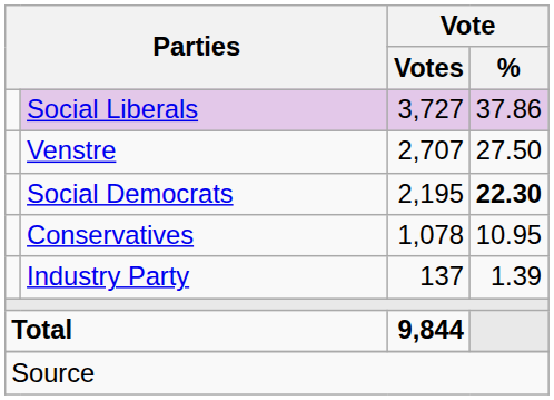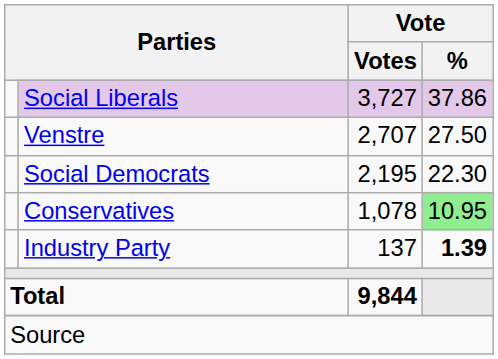 <table class="wikitable" style="text-align:right;">
 <tr>
 <th style="text-align:centre;" rowspan="2" colspan="2" width="225">Parties</th>
 <th colspan="3">Vote</th>
 </tr>
 <tr>
 <th width="15">Votes</th>
 <th width="15">%</th>
 </tr>
 <tr>
 <td width="2" style="color:inherit;background:"></td>
 <td bgcolor=#e3c8e9  align="left"><a href='#'>Social Liberals</a></td>
 <td bgcolor=#e3c8e9>3,727</td>
 <td bgcolor=#e3c8e9>37.86</td>
 </tr>
 <tr>
 <td width="2" style="color:inherit;background:"></td>
 <td align="left"><a href='#'>Venstre</a></td>
 <td>2,707</td>
 <td>27.50</td>
 </tr>
 <tr>
 <td width="2" style="color:inherit;background:"></td>
 <td align="left"><a href='#'>Social Democrats</a></td>
 <td>2,195</td>
-<td><strong>22.30</strong></td>
+<td>22.30</td>
 </tr>
 <tr>
 <td width="2" style="color:inherit;background:"></td>
 <td align="left"><a href='#'>Conservatives</a></td>
 <td>1,078</td>
-<td>10.95</td>
+<td style="background: lightgreen;">10.95</td>
 </tr>
 <tr>
 <td width="2" style="color:inherit;background:"></td>
 <td align="left"><a href='#'>Industry Party</a></td>
 <td>137</td>
-<td>1.39</td>
+<td><strong>1.39</strong></td>
 </tr>
 <tr>
 <td colspan="7" bgcolor="#E9E9E9"></td>
 </tr>
 <tr>
 <td align="left" colspan="2"><strong>Total</strong></td>
 <td><strong>9,844</strong></td>
 <td bgcolor="#E9E9E9" colspan="2"></td>
 </tr>
 <tr>
 </tr>
 <tr>
 <td align="left" colspan="6">Source</td>
 </tr>
 </table>
